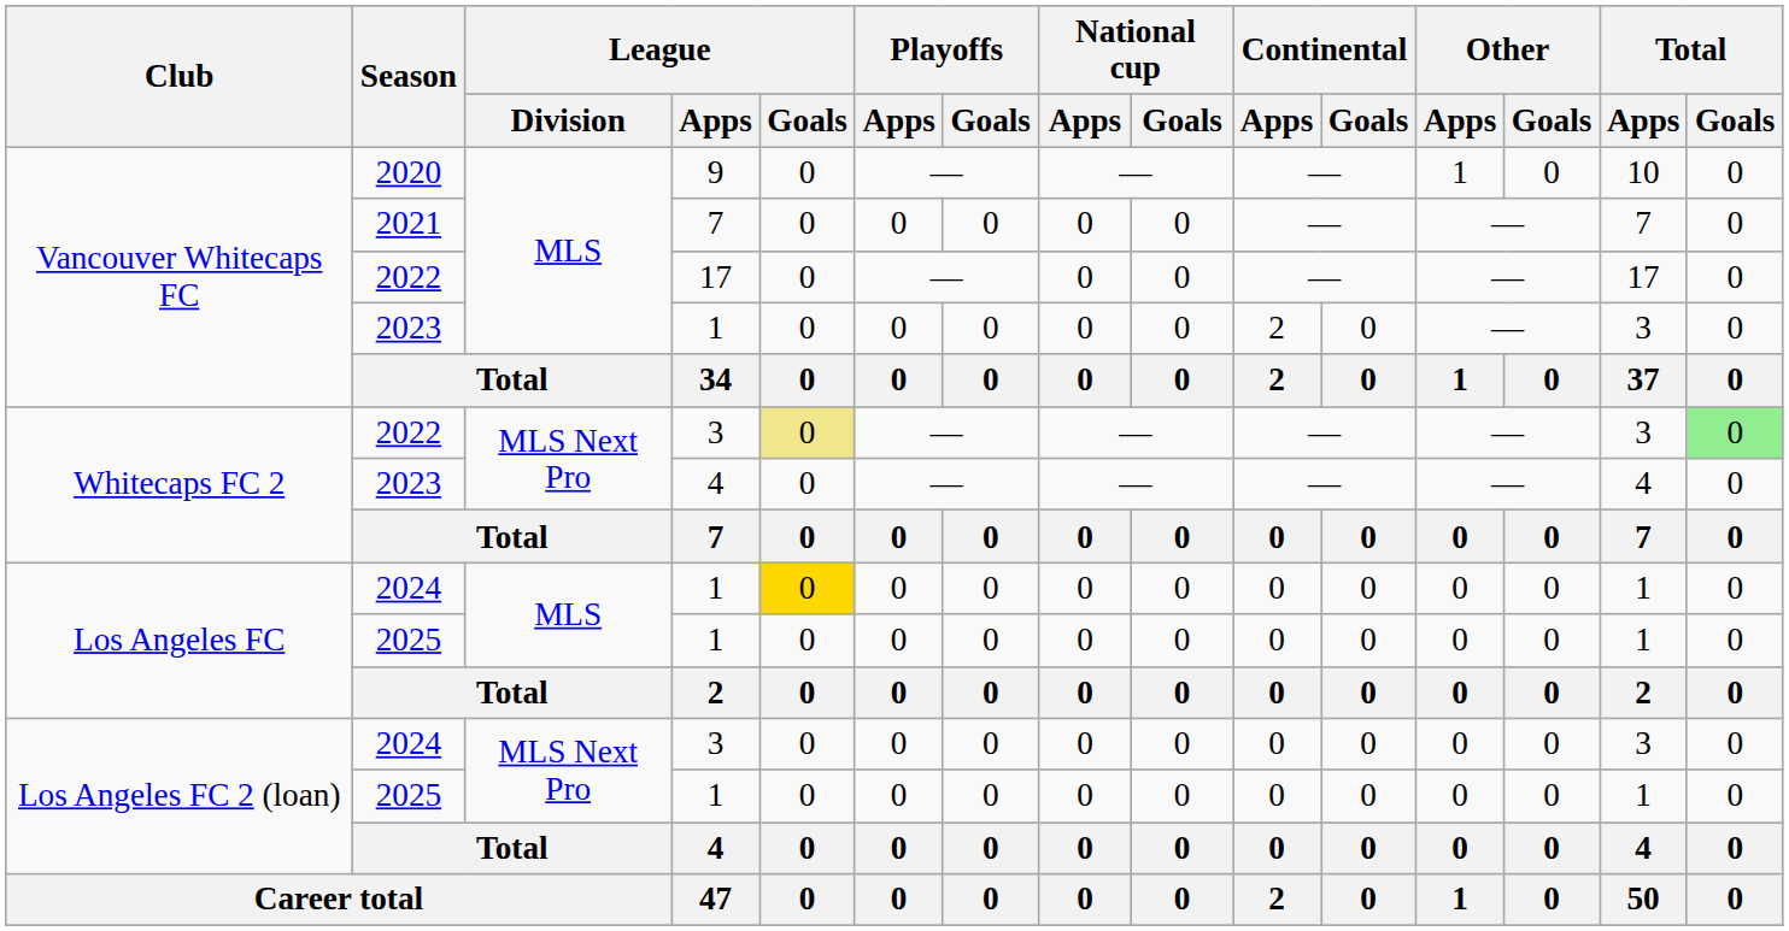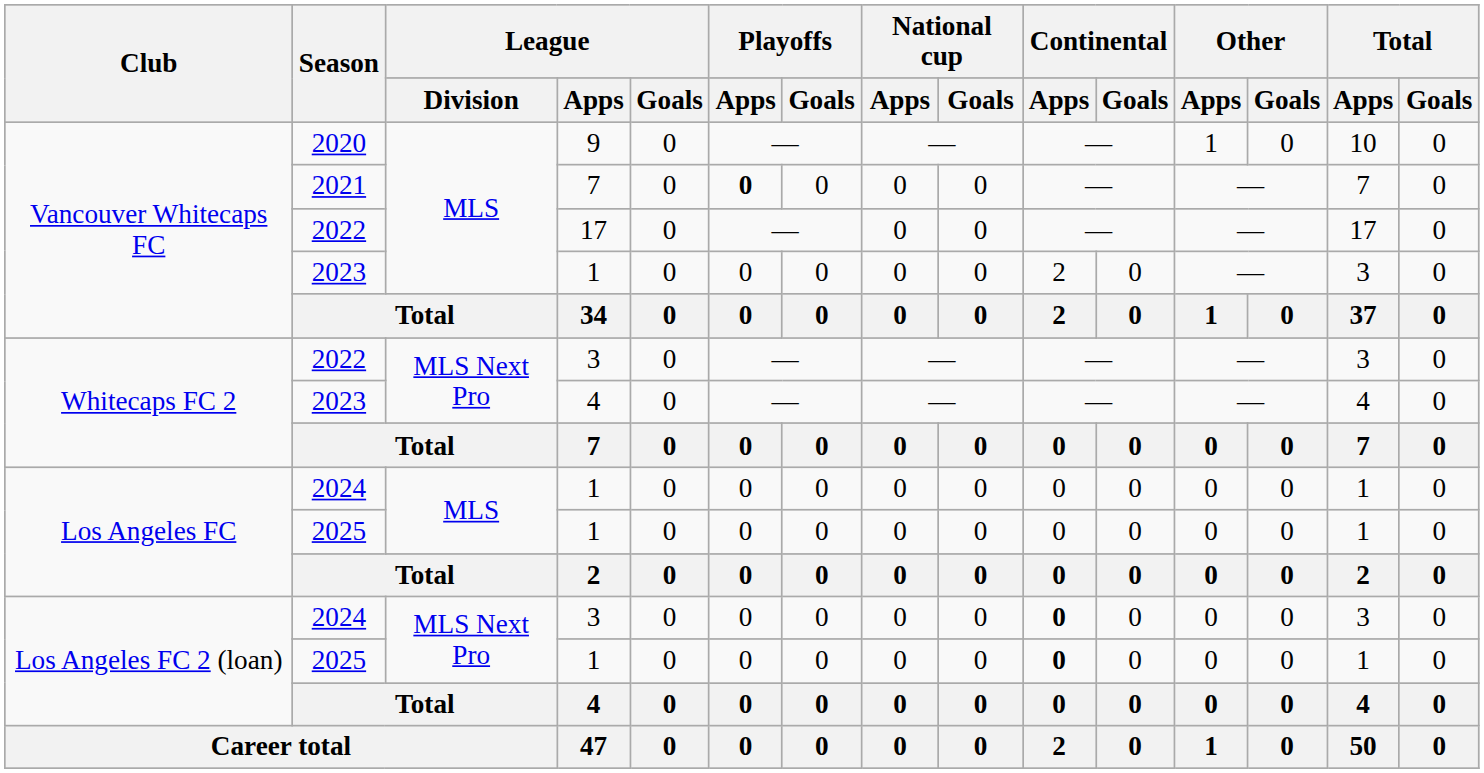 <table class="wikitable" style="text-align:center;">
 <tr>
 <th rowspan="2">Club</th>
 <th rowspan="2">Season</th>
 <th colspan="3">League</th>
 <th colspan="2">Playoffs</th>
 <th colspan="2">National cup</th>
 <th colspan="2">Continental</th>
 <th colspan="2">Other</th>
 <th colspan="2">Total</th>
 </tr>
 <tr>
 <th>Division</th>
 <th>Apps</th>
 <th>Goals</th>
 <th>Apps</th>
 <th>Goals</th>
 <th>Apps</th>
 <th>Goals</th>
 <th>Apps</th>
 <th>Goals</th>
 <th>Apps</th>
 <th>Goals</th>
 <th>Apps</th>
 <th>Goals</th>
 </tr>
 <tr>
 <td rowspan="5"><a href='#'>Vancouver Whitecaps FC</a></td>
 <td><a href='#'>2020</a></td>
 <td rowspan="4"><a href='#'>MLS</a></td>
 <td>9</td>
 <td>0</td>
 <td colspan="2">—</td>
 <td colspan="2">—</td>
 <td colspan="2">—</td>
 <td>1</td>
 <td>0</td>
 <td>10</td>
 <td>0</td>
 </tr>
 <tr>
 <td><a href='#'>2021</a></td>
 <td>7</td>
 <td>0</td>
-<td>0</td>
+<td><strong>0</strong></td>
 <td>0</td>
 <td>0</td>
 <td>0</td>
 <td colspan="2">—</td>
 <td colspan="2">—</td>
 <td>7</td>
 <td>0</td>
 </tr>
 <tr>
 <td><a href='#'>2022</a></td>
 <td>17</td>
 <td>0</td>
 <td colspan="2">—</td>
 <td>0</td>
 <td>0</td>
 <td colspan="2">—</td>
 <td colspan="2">—</td>
 <td>17</td>
 <td>0</td>
 </tr>
 <tr>
 <td><a href='#'>2023</a></td>
 <td>1</td>
 <td>0</td>
 <td>0</td>
 <td>0</td>
 <td>0</td>
 <td>0</td>
 <td>2</td>
 <td>0</td>
 <td colspan="2">—</td>
 <td>3</td>
 <td>0</td>
 </tr>
 <tr>
 <th colspan="2">Total</th>
 <th>34</th>
 <th>0</th>
 <th>0</th>
 <th>0</th>
 <th>0</th>
 <th>0</th>
 <th>2</th>
 <th>0</th>
 <th>1</th>
 <th>0</th>
 <th>37</th>
 <th>0</th>
 </tr>
 <tr>
 <td rowspan="3"><a href='#'>Whitecaps FC 2</a></td>
 <td><a href='#'>2022</a></td>
 <td rowspan="2"><a href='#'>MLS Next Pro</a></td>
 <td>3</td>
-<td style="background: khaki;">0</td>
+<td>0</td>
 <td colspan="2">—</td>
 <td colspan="2">—</td>
 <td colspan="2">—</td>
 <td colspan="2">—</td>
 <td>3</td>
-<td style="background: lightgreen;">0</td>
+<td>0</td>
 </tr>
 <tr>
 <td><a href='#'>2023</a></td>
 <td>4</td>
 <td>0</td>
 <td colspan="2">—</td>
 <td colspan="2">—</td>
 <td colspan="2">—</td>
 <td colspan="2">—</td>
 <td>4</td>
 <td>0</td>
 </tr>
 <tr>
 <th colspan="2">Total</th>
 <th>7</th>
 <th>0</th>
 <th>0</th>
 <th>0</th>
 <th>0</th>
 <th>0</th>
 <th>0</th>
 <th>0</th>
 <th>0</th>
 <th>0</th>
 <th>7</th>
 <th>0</th>
 </tr>
 <tr>
 <td rowspan="3"><a href='#'>Los Angeles FC</a></td>
 <td><a href='#'>2024</a></td>
 <td rowspan="2"><a href='#'>MLS</a></td>
 <td>1</td>
-<td style="background: gold;">0</td>
+<td>0</td>
 <td>0</td>
 <td>0</td>
 <td>0</td>
 <td>0</td>
 <td>0</td>
 <td>0</td>
 <td>0</td>
 <td>0</td>
 <td>1</td>
 <td>0</td>
 </tr>
 <tr>
 <td><a href='#'>2025</a></td>
 <td>1</td>
 <td>0</td>
 <td>0</td>
 <td>0</td>
 <td>0</td>
 <td>0</td>
 <td>0</td>
 <td>0</td>
 <td>0</td>
 <td>0</td>
 <td>1</td>
 <td>0</td>
 </tr>
 <tr>
 <th colspan="2">Total</th>
 <th>2</th>
 <th>0</th>
 <th>0</th>
 <th>0</th>
 <th>0</th>
 <th>0</th>
 <th>0</th>
 <th>0</th>
 <th>0</th>
 <th>0</th>
 <th>2</th>
 <th>0</th>
 </tr>
 <tr>
 <td rowspan="3"><a href='#'>Los Angeles FC 2</a> (loan)</td>
 <td><a href='#'>2024</a></td>
 <td rowspan="2"><a href='#'>MLS Next Pro</a></td>
 <td>3</td>
 <td>0</td>
 <td>0</td>
 <td>0</td>
 <td>0</td>
 <td>0</td>
-<td>0</td>
+<td><strong>0</strong></td>
 <td>0</td>
 <td>0</td>
 <td>0</td>
 <td>3</td>
 <td>0</td>
 </tr>
 <tr>
 <td><a href='#'>2025</a></td>
 <td>1</td>
 <td>0</td>
 <td>0</td>
 <td>0</td>
 <td>0</td>
 <td>0</td>
-<td>0</td>
+<td><strong>0</strong></td>
 <td>0</td>
 <td>0</td>
 <td>0</td>
 <td>1</td>
 <td>0</td>
 </tr>
 <tr>
 <th colspan="2">Total</th>
 <th>4</th>
 <th>0</th>
 <th>0</th>
 <th>0</th>
 <th>0</th>
 <th>0</th>
 <th>0</th>
 <th>0</th>
 <th>0</th>
 <th>0</th>
 <th>4</th>
 <th>0</th>
 </tr>
 <tr>
 <th colspan="3">Career total</th>
 <th>47</th>
 <th>0</th>
 <th>0</th>
 <th>0</th>
 <th>0</th>
 <th>0</th>
 <th>2</th>
 <th>0</th>
 <th>1</th>
 <th>0</th>
 <th>50</th>
 <th>0</th>
 </tr>
 </table>
